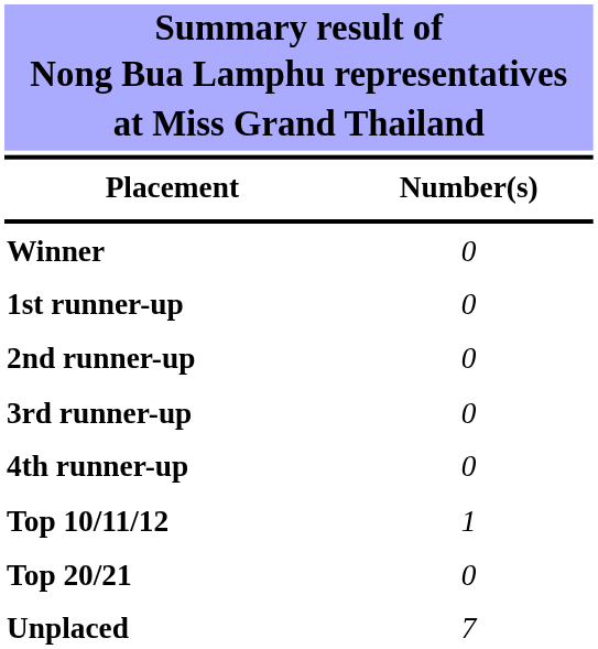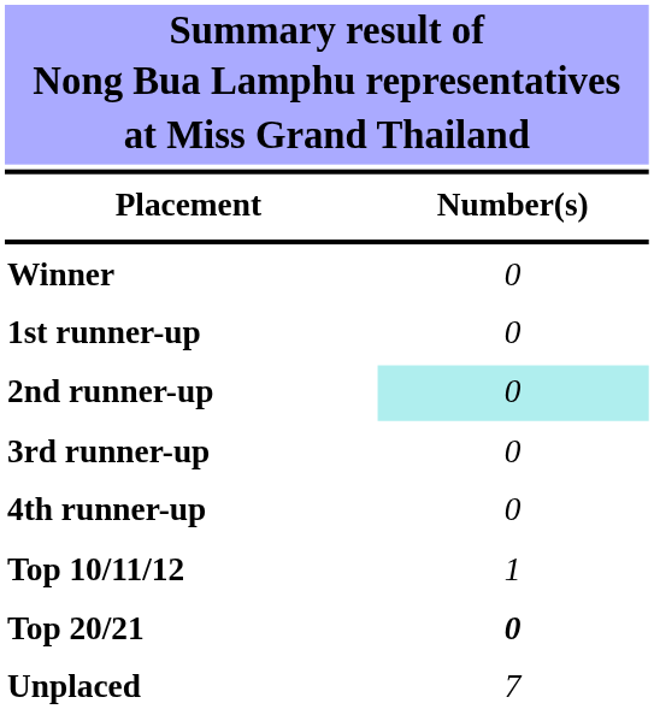 <table style="width: 270px; font-size:85%; line-height:1.5em;">
 <tr>
 <th colspan="2" align="center" style="background:#AAF;"><big>Summary result of<br>Nong Bua Lamphu representatives<br>at Miss Grand Thailand</big></th>
 </tr>
 <tr>
 <td colspan="2" style="background:black"></td>
 </tr>
 <tr>
 <th scope="col">Placement</th>
 <th scope="col">Number(s)</th>
 </tr>
 <tr>
 <td colspan="2" style="background:black"></td>
 </tr>
 <tr>
 <td align="left"><strong>Winner</strong></td>
 <td align="center"><em>0</em></td>
 </tr>
 <tr>
 <td align="left"><strong>1st runner-up</strong></td>
 <td align="center"><em>0</em></td>
 </tr>
 <tr>
 <td align="left"><strong>2nd runner-up</strong></td>
-<td align="center"><em>0</em></td>
+<td align="center" style="background: paleturquoise;"><em>0</em></td>
 </tr>
 <tr>
 <td align="left"><strong>3rd runner-up</strong></td>
 <td align="center"><em>0</em></td>
 </tr>
 <tr>
 <td align="left"><strong>4th runner-up</strong></td>
 <td align="center"><em>0</em></td>
 </tr>
 <tr>
 <td align="left"><strong>Top 10/11/12</strong></td>
 <td align="center"><em>1</em></td>
 </tr>
 <tr>
 <td align="left"><strong>Top 20/21</strong></td>
-<td align="center"><em>0</em></td>
+<td align="center"><strong><em>0</em></strong></td>
 </tr>
 <tr>
 <td align="left"><strong>Unplaced</strong></td>
 <td align="center"><em>7</em></td>
 </tr>
 </table>
